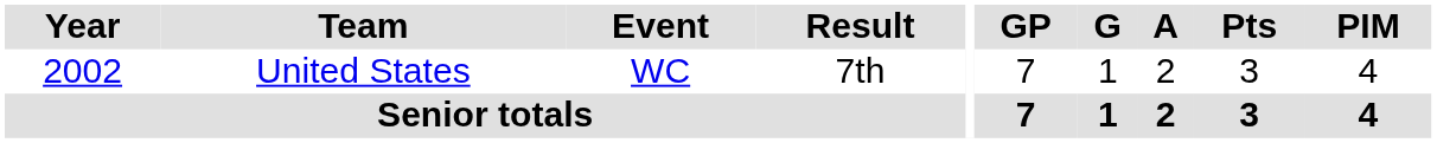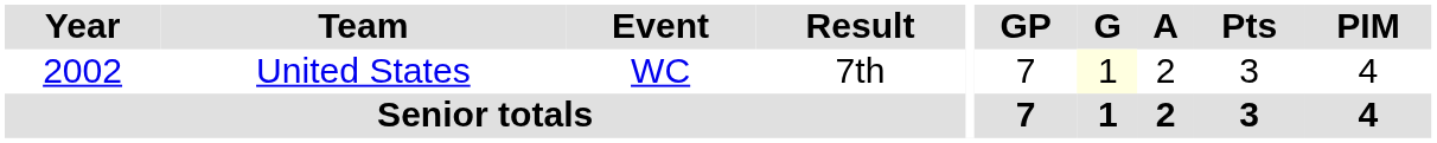 <table border="0" cellpadding="1" cellspacing="0" ID="Table3" style="text-align:center; width:40em">
 <tr ALIGN="center" bgcolor="#e0e0e0">
 <th>Year</th>
 <th>Team</th>
 <th>Event</th>
 <th>Result</th>
 <th rowspan="99" bgcolor="#ffffff"></th>
 <th>GP</th>
 <th>G</th>
 <th>A</th>
 <th>Pts</th>
 <th>PIM</th>
 </tr>
 <tr>
 <td><a href='#'>2002</a></td>
 <td><a href='#'>United States</a></td>
 <td><a href='#'>WC</a></td>
 <td>7th</td>
 <td>7</td>
-<td>1</td>
+<td style="background: lightyellow;">1</td>
 <td>2</td>
 <td>3</td>
 <td>4</td>
 </tr>
 <tr bgcolor="#e0e0e0">
 <th colspan="4">Senior totals</th>
 <th>7</th>
 <th>1</th>
 <th>2</th>
 <th>3</th>
 <th>4</th>
 </tr>
 </table>
